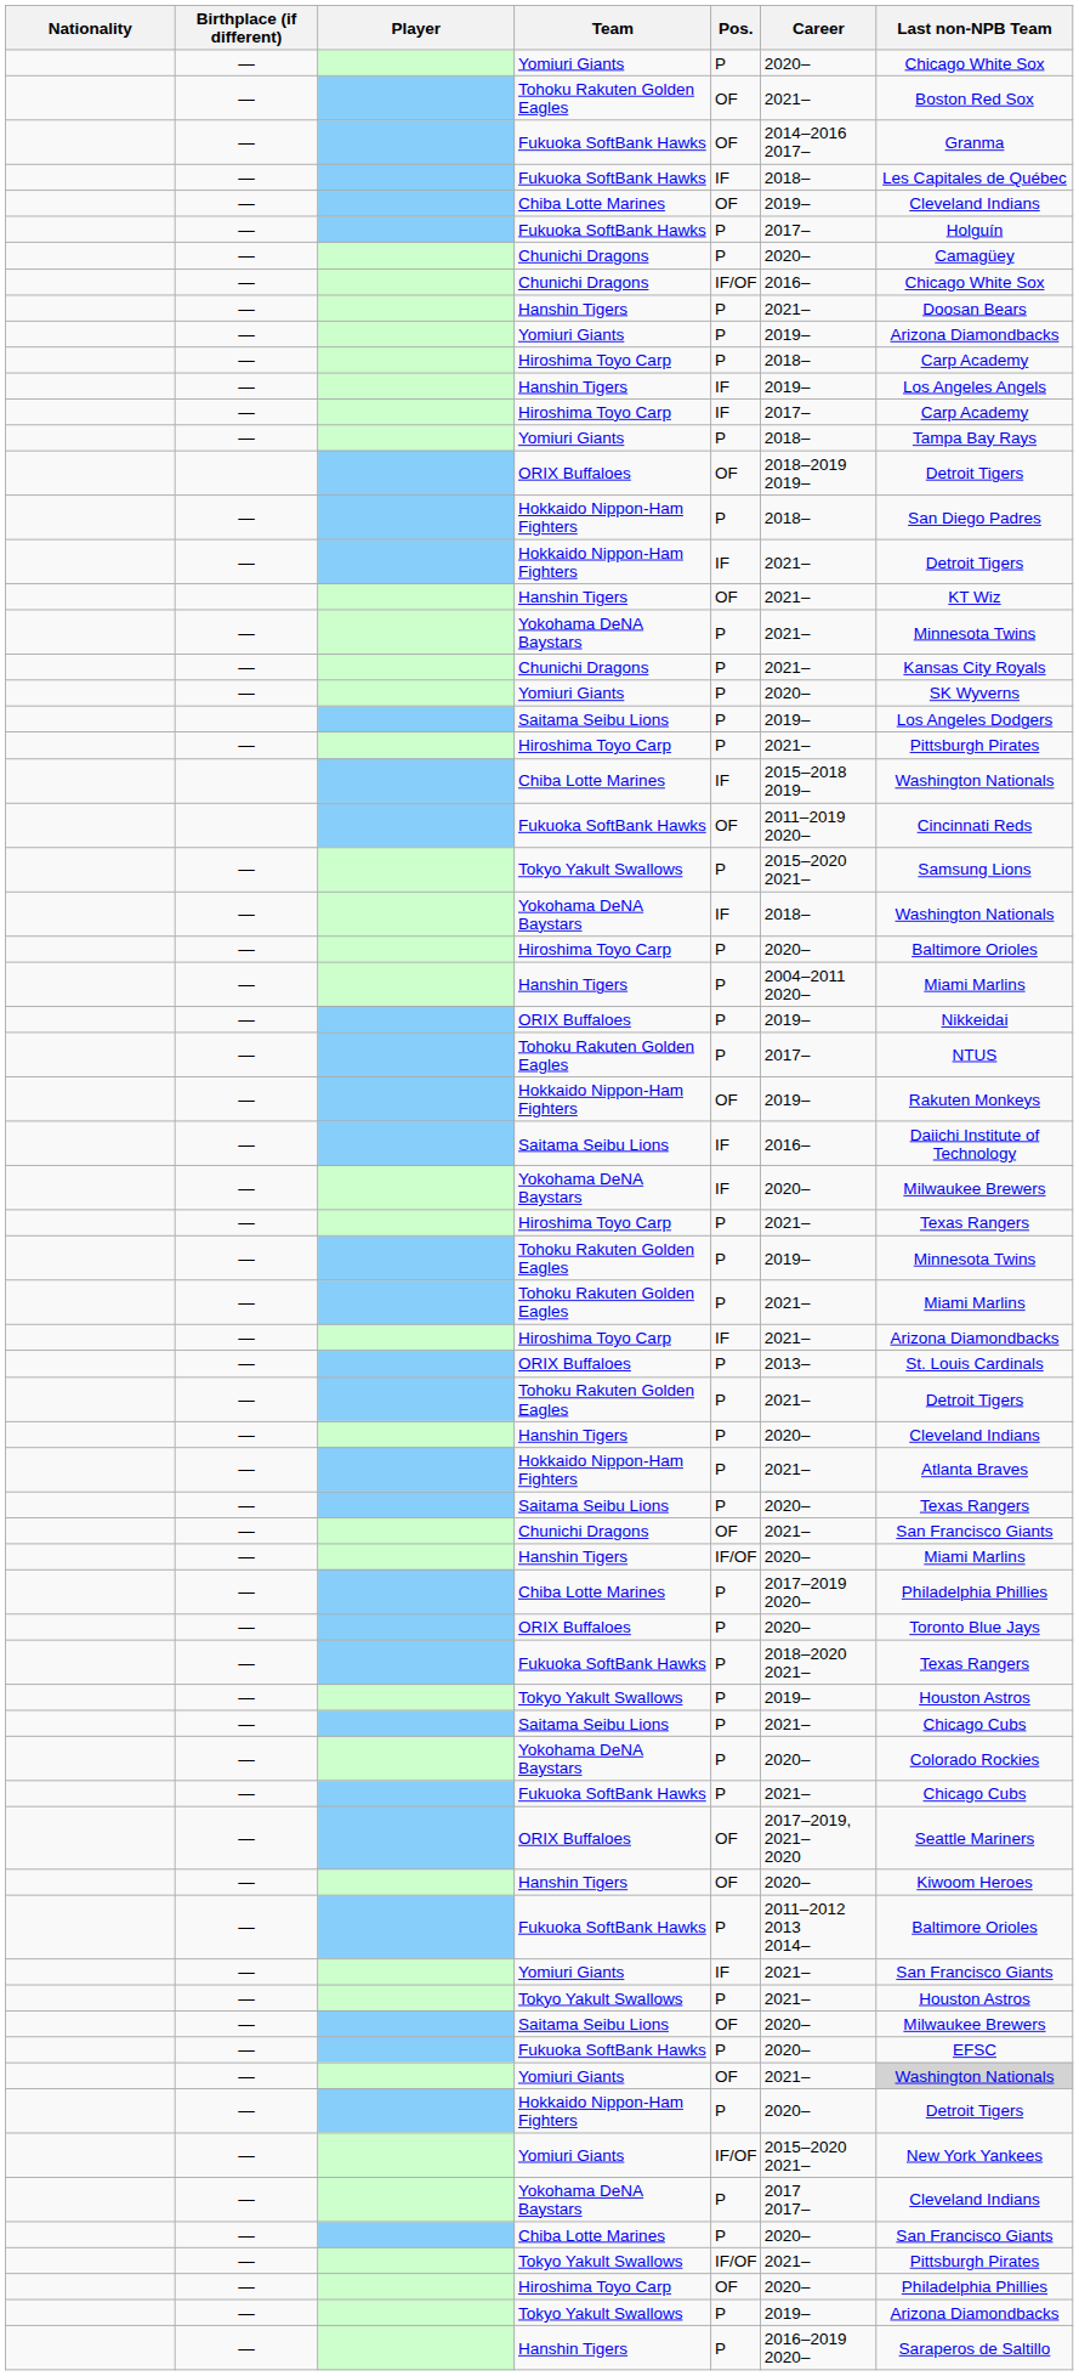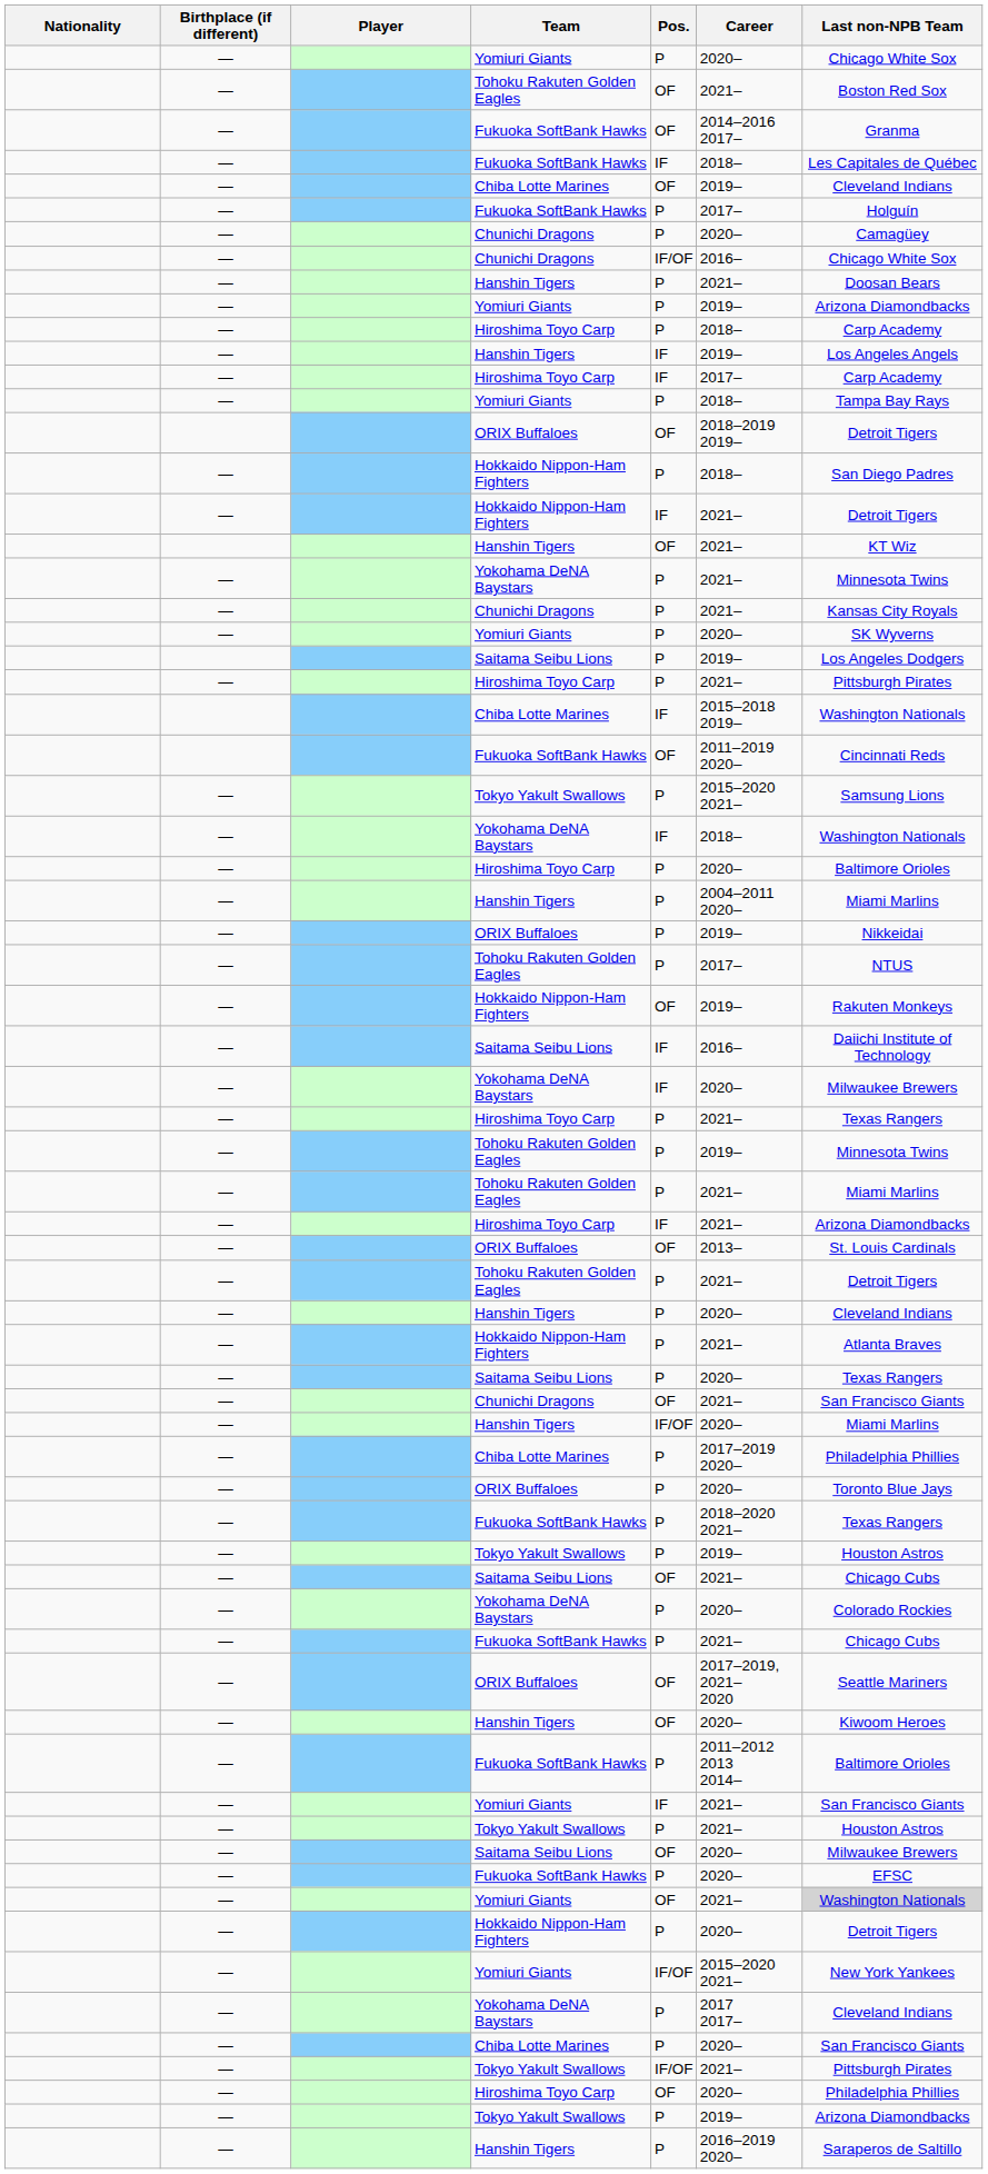 <table class="wikitable sortable" style="font-size:95%">
 <tr>
 <th scope="col" width="150px">Nationality</th>
 <th scope="col" width="125px">Birthplace (if different)</th>
 <th scope="col" width="175px">Player</th>
 <th scope="col" width="175px">Team</th>
 <th scope="col" width="25px">Pos.</th>
 <th scope="col" width="100px">Career</th>
 <th scope="col" width="175px">Last non-NPB Team</th>
 </tr>
 <tr>
 <td></td>
 <td align="center">—</td>
 <td bgcolor="#CCFFCC"><strong></strong> </td>
 <td><a href='#'>Yomiuri Giants</a></td>
 <td>P</td>
 <td>2020– </td>
 <td align="center"> <a href='#'>Chicago White Sox</a></td>
 </tr>
 <tr>
 <td></td>
 <td align="center">—</td>
 <td bgcolor="#87CEFA"><strong></strong> </td>
 <td><a href='#'>Tohoku Rakuten Golden Eagles</a></td>
 <td>OF</td>
 <td>2021– </td>
 <td align="center"> <a href='#'>Boston Red Sox</a></td>
 </tr>
 <tr>
 <td></td>
 <td align="center">—</td>
 <td bgcolor="#87CEFA"><strong></strong> </td>
 <td><a href='#'>Fukuoka SoftBank Hawks</a></td>
 <td>OF</td>
 <td>2014–2016  <br> 2017– </td>
 <td align="center"> <a href='#'>Granma</a></td>
 </tr>
 <tr>
 <td></td>
 <td align="center">—</td>
 <td bgcolor="#87CEFA"><strong></strong> </td>
 <td><a href='#'>Fukuoka SoftBank Hawks</a></td>
 <td>IF</td>
 <td>2018– </td>
 <td align="center"> <a href='#'>Les Capitales de Québec</a></td>
 </tr>
 <tr>
 <td></td>
 <td align="center">—</td>
 <td bgcolor="#87CEFA"><strong></strong> </td>
 <td><a href='#'>Chiba Lotte Marines</a></td>
 <td>OF</td>
 <td>2019–  </td>
 <td align="center"> <a href='#'>Cleveland Indians</a></td>
 </tr>
 <tr>
 <td></td>
 <td align="center">—</td>
 <td bgcolor="#87CEFA"><strong></strong> </td>
 <td><a href='#'>Fukuoka SoftBank Hawks</a></td>
 <td>P</td>
 <td>2017– </td>
 <td align="center"> <a href='#'>Holguín</a></td>
 </tr>
 <tr>
 <td></td>
 <td align="center">—</td>
 <td bgcolor="#CCFFCC"><strong></strong> </td>
 <td><a href='#'>Chunichi Dragons</a></td>
 <td>P</td>
 <td>2020– </td>
 <td align="center"> <a href='#'>Camagüey</a></td>
 </tr>
 <tr>
 <td></td>
 <td align="center">—</td>
 <td bgcolor="#CCFFCC"><strong></strong> </td>
 <td><a href='#'>Chunichi Dragons</a></td>
 <td>IF/OF</td>
 <td>2016– </td>
 <td align="center"> <a href='#'>Chicago White Sox</a></td>
 </tr>
 <tr>
 <td></td>
 <td align="center">—</td>
 <td bgcolor="#CCFFCC"> </td>
 <td><a href='#'>Hanshin Tigers</a></td>
 <td>P</td>
 <td>2021– </td>
 <td align="center"> <a href='#'>Doosan Bears</a></td>
 </tr>
 <tr>
 <td></td>
 <td align="center">—</td>
 <td bgcolor="#CCFFCC"> </td>
 <td><a href='#'>Yomiuri Giants</a></td>
 <td>P</td>
 <td>2019– </td>
 <td align="center"> <a href='#'>Arizona Diamondbacks</a></td>
 </tr>
 <tr>
 <td></td>
 <td align="center">—</td>
 <td bgcolor="#CCFFCC"> </td>
 <td><a href='#'>Hiroshima Toyo Carp</a></td>
 <td>P</td>
 <td>2018– </td>
 <td align="center"> <a href='#'>Carp Academy</a></td>
 </tr>
 <tr>
 <td></td>
 <td align="center">—</td>
 <td bgcolor="#CCFFCC"> </td>
 <td><a href='#'>Hanshin Tigers</a></td>
 <td>IF</td>
 <td>2019– </td>
 <td align="center"> <a href='#'>Los Angeles Angels</a></td>
 </tr>
 <tr>
 <td></td>
 <td align="center">—</td>
 <td bgcolor="#CCFFCC"><strong></strong> </td>
 <td><a href='#'>Hiroshima Toyo Carp</a></td>
 <td>IF</td>
 <td>2017– </td>
 <td align="center"> <a href='#'>Carp Academy</a></td>
 </tr>
 <tr>
 <td></td>
 <td align="center">—</td>
 <td bgcolor="#CCFFCC"><strong></strong> </td>
 <td><a href='#'>Yomiuri Giants</a></td>
 <td>P</td>
 <td>2018– </td>
 <td align="center"> <a href='#'>Tampa Bay Rays</a></td>
 </tr>
 <tr>
 <td></td>
 <td align="center"></td>
 <td bgcolor="#87CEFA"> </td>
 <td><a href='#'>ORIX Buffaloes</a></td>
 <td>OF</td>
 <td>2018–2019  <br> 2019– </td>
 <td align="center"> <a href='#'>Detroit Tigers</a></td>
 </tr>
 <tr>
 <td></td>
 <td align="center">—</td>
 <td bgcolor="#87CEFA"><strong></strong> </td>
 <td><a href='#'>Hokkaido Nippon-Ham Fighters</a></td>
 <td>P</td>
 <td>2018– </td>
 <td align="center"> <a href='#'>San Diego Padres</a></td>
 </tr>
 <tr>
 <td></td>
 <td align="center">—</td>
 <td bgcolor="#87CEFA"><strong></strong> </td>
 <td><a href='#'>Hokkaido Nippon-Ham Fighters</a></td>
 <td>IF</td>
 <td>2021– </td>
 <td align="center"> <a href='#'>Detroit Tigers</a></td>
 </tr>
 <tr>
 <td></td>
 <td align="center"></td>
 <td bgcolor="#CCFFCC"><strong></strong> </td>
 <td><a href='#'>Hanshin Tigers</a></td>
 <td>OF</td>
 <td>2021– </td>
 <td align="center"> <a href='#'>KT Wiz</a></td>
 </tr>
 <tr>
 <td></td>
 <td align="center">—</td>
 <td bgcolor="#CCFFCC"> </td>
 <td><a href='#'>Yokohama DeNA Baystars</a></td>
 <td>P</td>
 <td>2021– </td>
 <td align="center"> <a href='#'>Minnesota Twins</a></td>
 </tr>
 <tr>
 <td></td>
 <td align="center">—</td>
 <td bgcolor="#CCFFCC"> </td>
 <td><a href='#'>Chunichi Dragons</a></td>
 <td>P</td>
 <td>2021– </td>
 <td align="center"> <a href='#'>Kansas City Royals</a></td>
 </tr>
 <tr>
 <td></td>
 <td align="center">—</td>
 <td bgcolor="#CCFFCC"><strong></strong> </td>
 <td><a href='#'>Yomiuri Giants</a></td>
 <td>P</td>
 <td>2020– </td>
 <td align="center"> <a href='#'>SK Wyverns</a></td>
 </tr>
 <tr>
 <td></td>
 <td align="center"></td>
 <td bgcolor="#87CEFA"><strong></strong> </td>
 <td><a href='#'>Saitama Seibu Lions</a></td>
 <td>P</td>
 <td>2019– </td>
 <td align="center"> <a href='#'>Los Angeles Dodgers</a></td>
 </tr>
 <tr>
 <td></td>
 <td align="center">—</td>
 <td bgcolor="#CCFFCC"><strong></strong> </td>
 <td><a href='#'>Hiroshima Toyo Carp</a></td>
 <td>P</td>
 <td>2021–  </td>
 <td align="center"> <a href='#'>Pittsburgh Pirates</a></td>
 </tr>
 <tr>
 <td></td>
 <td align="center"></td>
 <td bgcolor="#87CEFA"><strong></strong> </td>
 <td><a href='#'>Chiba Lotte Marines</a></td>
 <td>IF</td>
 <td>2015–2018   <br> 2019–  </td>
 <td align="center"> <a href='#'>Washington Nationals</a></td>
 </tr>
 <tr>
 <td></td>
 <td align="center"></td>
 <td bgcolor="#87CEFA"><strong></strong> </td>
 <td><a href='#'>Fukuoka SoftBank Hawks</a></td>
 <td>OF</td>
 <td>2011–2019   <br> 2020– </td>
 <td align="center"> <a href='#'>Cincinnati Reds</a></td>
 </tr>
 <tr>
 <td></td>
 <td align="center">—</td>
 <td bgcolor="#CCFFCC"><strong></strong></td>
 <td><a href='#'>Tokyo Yakult Swallows</a></td>
 <td>P</td>
 <td>2015–2020  <br> 2021–  </td>
 <td align="center"> <a href='#'>Samsung Lions</a></td>
 </tr>
 <tr>
 <td></td>
 <td align="center">—</td>
 <td bgcolor="#CCFFCC"> </td>
 <td><a href='#'>Yokohama DeNA Baystars</a></td>
 <td>IF</td>
 <td>2018– </td>
 <td align="center"> <a href='#'>Washington Nationals</a></td>
 </tr>
 <tr>
 <td></td>
 <td align="center">—</td>
 <td bgcolor="#CCFFCC"> </td>
 <td><a href='#'>Hiroshima Toyo Carp</a></td>
 <td>P</td>
 <td>2020–  </td>
 <td align="center"> <a href='#'>Baltimore Orioles</a></td>
 </tr>
 <tr>
 <td></td>
 <td align="center">—</td>
 <td bgcolor="#CCFFCC"><strong></strong> </td>
 <td><a href='#'>Hanshin Tigers</a></td>
 <td>P</td>
 <td>2004–2011  <br> 2020– </td>
 <td align="center"> <a href='#'>Miami Marlins</a></td>
 </tr>
 <tr>
 <td></td>
 <td align="center">—</td>
 <td bgcolor="#87CEFA"> </td>
 <td><a href='#'>ORIX Buffaloes</a></td>
 <td>P</td>
 <td>2019– </td>
 <td align="center"> <a href='#'>Nikkeidai</a></td>
 </tr>
 <tr>
 <td></td>
 <td align="center">—</td>
 <td bgcolor="#87CEFA"><strong></strong> </td>
 <td><a href='#'>Tohoku Rakuten Golden Eagles</a></td>
 <td>P</td>
 <td>2017– </td>
 <td align="center"> <a href='#'>NTUS</a></td>
 </tr>
 <tr>
 <td></td>
 <td align="center">—</td>
 <td bgcolor="#87CEFA"><strong></strong> </td>
 <td><a href='#'>Hokkaido Nippon-Ham Fighters</a></td>
 <td>OF</td>
 <td>2019– </td>
 <td align="center"> <a href='#'>Rakuten Monkeys</a></td>
 </tr>
 <tr>
 <td></td>
 <td align="center">—</td>
 <td bgcolor="#87CEFA"> </td>
 <td><a href='#'>Saitama Seibu Lions</a></td>
 <td>IF</td>
 <td>2016– </td>
 <td align="center"> <a href='#'>Daiichi Institute of Technology</a></td>
 </tr>
 <tr>
 <td></td>
 <td align="center">—</td>
 <td bgcolor="#CCFFCC"><strong></strong> </td>
 <td><a href='#'>Yokohama DeNA Baystars</a></td>
 <td>IF</td>
 <td>2020– </td>
 <td align="center"> <a href='#'>Milwaukee Brewers</a></td>
 </tr>
 <tr>
 <td></td>
 <td align="center">—</td>
 <td bgcolor="#CCFFCC"> </td>
 <td><a href='#'>Hiroshima Toyo Carp</a></td>
 <td>P</td>
 <td>2021–  </td>
 <td align="center"> <a href='#'>Texas Rangers</a></td>
 </tr>
 <tr>
 <td></td>
 <td align="center">—</td>
 <td bgcolor="#87CEFA"> </td>
 <td><a href='#'>Tohoku Rakuten Golden Eagles</a></td>
 <td>P</td>
 <td>2019– </td>
 <td align="center"> <a href='#'>Minnesota Twins</a></td>
 </tr>
 <tr>
 <td></td>
 <td align="center">—</td>
 <td bgcolor="#87CEFA"> </td>
 <td><a href='#'>Tohoku Rakuten Golden Eagles</a></td>
 <td>P</td>
 <td>2021– </td>
 <td align="center"> <a href='#'>Miami Marlins</a></td>
 </tr>
 <tr>
 <td></td>
 <td align="center">—</td>
 <td bgcolor="#CCFFCC"> </td>
 <td><a href='#'>Hiroshima Toyo Carp</a></td>
 <td>IF</td>
 <td>2021–  </td>
 <td align="center"> <a href='#'>Arizona Diamondbacks</a></td>
 </tr>
 <tr>
 <td></td>
 <td align="center">—</td>
 <td bgcolor="#87CEFA"><strong></strong> </td>
 <td><a href='#'>ORIX Buffaloes</a></td>
-<td>P</td>
+<td>OF</td>
 <td>2013– </td>
 <td align="center"> <a href='#'>St. Louis Cardinals</a></td>
 </tr>
 <tr>
 <td></td>
 <td align="center">—</td>
 <td bgcolor="#87CEFA"> </td>
 <td><a href='#'>Tohoku Rakuten Golden Eagles</a></td>
 <td>P</td>
 <td>2021– </td>
 <td align="center"> <a href='#'>Detroit Tigers</a></td>
 </tr>
 <tr>
 <td></td>
 <td align="center">—</td>
 <td bgcolor="#CCFFCC"> </td>
 <td><a href='#'>Hanshin Tigers</a></td>
 <td>P</td>
 <td>2020– </td>
 <td align="center"> <a href='#'>Cleveland Indians</a></td>
 </tr>
 <tr>
 <td></td>
 <td align="center">—</td>
 <td bgcolor="#87CEFA"> </td>
 <td><a href='#'>Hokkaido Nippon-Ham Fighters</a></td>
 <td>P</td>
 <td>2021– </td>
 <td align="center"> <a href='#'>Atlanta Braves</a></td>
 </tr>
 <tr>
 <td></td>
 <td align="center">—</td>
 <td bgcolor="#87CEFA"> </td>
 <td><a href='#'>Saitama Seibu Lions</a></td>
 <td>P</td>
 <td>2020– </td>
 <td align="center"> <a href='#'>Texas Rangers</a></td>
 </tr>
 <tr>
 <td></td>
 <td align="center">—</td>
 <td bgcolor="#CCFFCC"> </td>
 <td><a href='#'>Chunichi Dragons</a></td>
 <td>OF</td>
 <td>2021–  </td>
 <td align="center"> <a href='#'>San Francisco Giants</a></td>
 </tr>
 <tr>
 <td></td>
 <td align="center">—</td>
 <td bgcolor="#CCFFCC"> </td>
 <td><a href='#'>Hanshin Tigers</a></td>
 <td>IF/OF</td>
 <td>2020– </td>
 <td align="center"> <a href='#'>Miami Marlins</a></td>
 </tr>
 <tr>
 <td></td>
 <td align="center">—</td>
 <td bgcolor="#87CEFA"> </td>
 <td><a href='#'>Chiba Lotte Marines</a></td>
 <td>P</td>
 <td>2017–2019  <br> 2020– </td>
 <td align="center"> <a href='#'>Philadelphia Phillies</a></td>
 </tr>
 <tr>
 <td></td>
 <td align="center">—</td>
 <td bgcolor="#87CEFA"> </td>
 <td><a href='#'>ORIX Buffaloes</a></td>
 <td>P</td>
 <td>2020– </td>
 <td align="center"> <a href='#'>Toronto Blue Jays</a></td>
 </tr>
 <tr>
 <td></td>
 <td align="center">—</td>
 <td bgcolor="#87CEFA"><strong></strong> </td>
 <td><a href='#'>Fukuoka SoftBank Hawks</a></td>
 <td>P</td>
 <td>2018–2020  <br> 2021– </td>
 <td align="center"> <a href='#'>Texas Rangers</a></td>
 </tr>
 <tr>
 <td></td>
 <td align="center">—</td>
 <td bgcolor="#CCFFCC"><strong></strong> </td>
 <td><a href='#'>Tokyo Yakult Swallows</a></td>
 <td>P</td>
 <td>2019– </td>
 <td align="center"> <a href='#'>Houston Astros</a></td>
 </tr>
 <tr>
 <td></td>
 <td align="center">—</td>
 <td bgcolor="#87CEFA"> </td>
 <td><a href='#'>Saitama Seibu Lions</a></td>
-<td>P</td>
+<td>OF</td>
 <td>2021– </td>
 <td align="center"> <a href='#'>Chicago Cubs</a></td>
 </tr>
 <tr>
 <td></td>
 <td align="center">—</td>
 <td bgcolor="#CCFFCC"> </td>
 <td><a href='#'>Yokohama DeNA Baystars</a></td>
 <td>P</td>
 <td>2020– </td>
 <td align="center"> <a href='#'>Colorado Rockies</a></td>
 </tr>
 <tr>
 <td></td>
 <td align="center">—</td>
 <td bgcolor="#87CEFA"> </td>
 <td><a href='#'>Fukuoka SoftBank Hawks</a></td>
 <td>P</td>
 <td>2021– </td>
 <td align="center"> <a href='#'>Chicago Cubs</a></td>
 </tr>
 <tr>
 <td></td>
 <td align="center">—</td>
 <td bgcolor="#87CEFA"> </td>
 <td><a href='#'>ORIX Buffaloes</a></td>
 <td>OF</td>
 <td>2017–2019, 2021–  <br> 2020 </td>
 <td align="center"> <a href='#'>Seattle Mariners</a></td>
 </tr>
 <tr>
 <td></td>
 <td align="center">—</td>
 <td bgcolor="#CCFFCC"> </td>
 <td><a href='#'>Hanshin Tigers</a></td>
 <td>OF</td>
 <td>2020– </td>
 <td align="center"> <a href='#'>Kiwoom Heroes</a></td>
 </tr>
 <tr>
 <td></td>
 <td align="center">—</td>
 <td bgcolor="#87CEFA"> </td>
 <td><a href='#'>Fukuoka SoftBank Hawks</a></td>
 <td>P</td>
 <td>2011–2012  <br> 2013  <br> 2014– </td>
 <td align="center"> <a href='#'>Baltimore Orioles</a></td>
 </tr>
 <tr>
 <td></td>
 <td align="center">—</td>
 <td bgcolor="#CCFFCC"><strong></strong> </td>
 <td><a href='#'>Yomiuri Giants</a></td>
 <td>IF</td>
 <td>2021– </td>
 <td align="center"> <a href='#'>San Francisco Giants</a></td>
 </tr>
 <tr>
 <td></td>
 <td align="center">—</td>
 <td bgcolor="#CCFFCC"> </td>
 <td><a href='#'>Tokyo Yakult Swallows</a></td>
 <td>P</td>
 <td>2021– </td>
 <td align="center"> <a href='#'>Houston Astros</a></td>
 </tr>
 <tr>
 <td></td>
 <td align="center">—</td>
 <td bgcolor="#87CEFA"> </td>
 <td><a href='#'>Saitama Seibu Lions</a></td>
 <td>OF</td>
 <td>2020– </td>
 <td align="center"> <a href='#'>Milwaukee Brewers</a></td>
 </tr>
 <tr>
 <td></td>
 <td align="center">—</td>
 <td bgcolor="#87CEFA"> </td>
 <td><a href='#'>Fukuoka SoftBank Hawks</a></td>
 <td>P</td>
 <td>2020– </td>
 <td align="center"> <a href='#'>EFSC</a></td>
 </tr>
 <tr>
 <td></td>
 <td align="center">—</td>
 <td bgcolor="#CCFFCC"> </td>
 <td><a href='#'>Yomiuri Giants</a></td>
 <td>OF</td>
 <td>2021– </td>
 <td align="center" style="background: lightgrey;"> <a href='#'>Washington Nationals</a></td>
 </tr>
 <tr>
 <td></td>
 <td align="center">—</td>
 <td bgcolor="#87CEFA"> </td>
 <td><a href='#'>Hokkaido Nippon-Ham Fighters</a></td>
 <td>P</td>
 <td>2020– </td>
 <td align="center"> <a href='#'>Detroit Tigers</a></td>
 </tr>
 <tr>
 <td></td>
 <td align="center">—</td>
 <td bgcolor="#CCFFCC"> </td>
 <td><a href='#'>Yomiuri Giants</a></td>
 <td>IF/OF</td>
 <td>2015–2020  <br> 2021– </td>
 <td align="center"> <a href='#'>New York Yankees</a></td>
 </tr>
 <tr>
 <td></td>
 <td align="center">—</td>
 <td bgcolor="#CCFFCC"> </td>
 <td><a href='#'>Yokohama DeNA Baystars</a></td>
 <td>P</td>
 <td>2017  <br> 2017– </td>
 <td align="center"> <a href='#'>Cleveland Indians</a></td>
 </tr>
 <tr>
 <td></td>
 <td align="center">—</td>
 <td bgcolor="#87CEFA"> </td>
 <td><a href='#'>Chiba Lotte Marines</a></td>
 <td>P</td>
 <td>2020– </td>
 <td align="center"> <a href='#'>San Francisco Giants</a></td>
 </tr>
 <tr>
 <td></td>
 <td align="center">—</td>
 <td bgcolor="#CCFFCC"> </td>
 <td><a href='#'>Tokyo Yakult Swallows</a></td>
 <td>IF/OF</td>
 <td>2021– </td>
 <td align="center"> <a href='#'>Pittsburgh Pirates</a></td>
 </tr>
 <tr>
 <td></td>
 <td align="center">—</td>
 <td bgcolor="#CCFFCC"> </td>
 <td><a href='#'>Hiroshima Toyo Carp</a></td>
 <td>OF</td>
 <td>2020–  </td>
 <td align="center"> <a href='#'>Philadelphia Phillies</a></td>
 </tr>
 <tr>
 <td></td>
 <td align="center">—</td>
 <td bgcolor="#CCFFCC"> </td>
 <td><a href='#'>Tokyo Yakult Swallows</a></td>
 <td>P</td>
 <td>2019– </td>
 <td align="center"> <a href='#'>Arizona Diamondbacks</a></td>
 </tr>
 <tr>
 <td></td>
 <td align="center">—</td>
 <td bgcolor="#CCFFCC"><strong></strong> </td>
 <td><a href='#'>Hanshin Tigers</a></td>
 <td>P</td>
 <td>2016–2019  <br> 2020– </td>
 <td align="center"> <a href='#'>Saraperos de Saltillo</a></td>
 </tr>
 </table>
